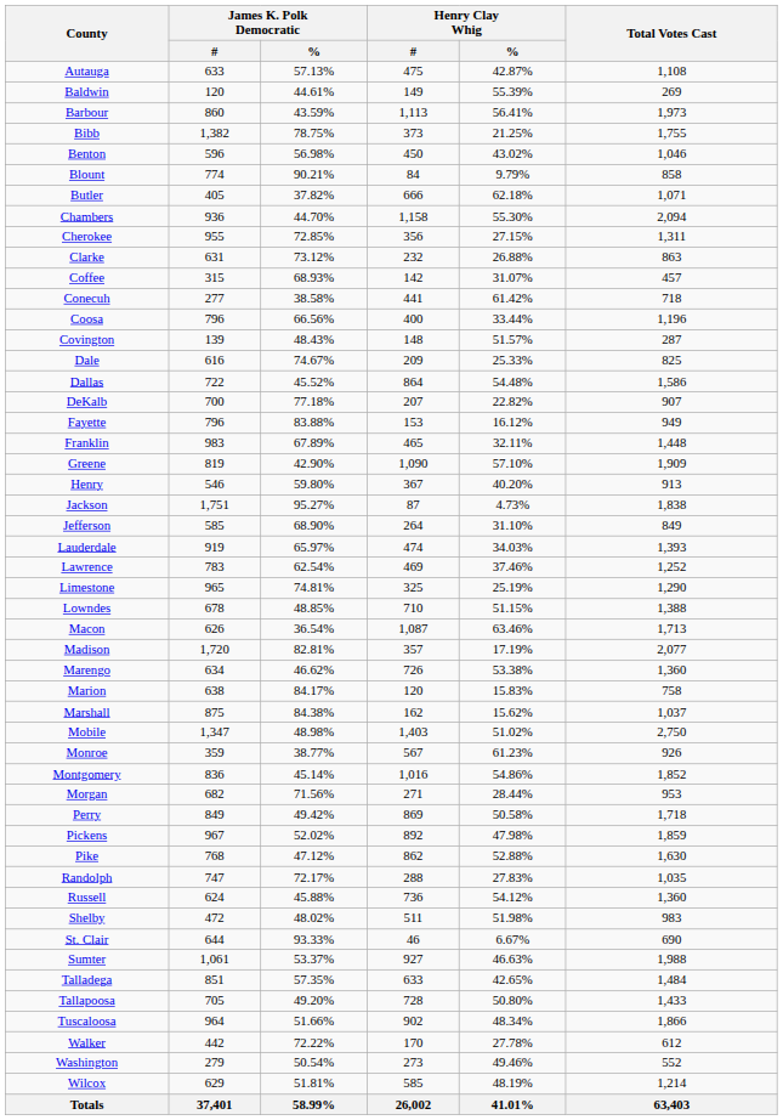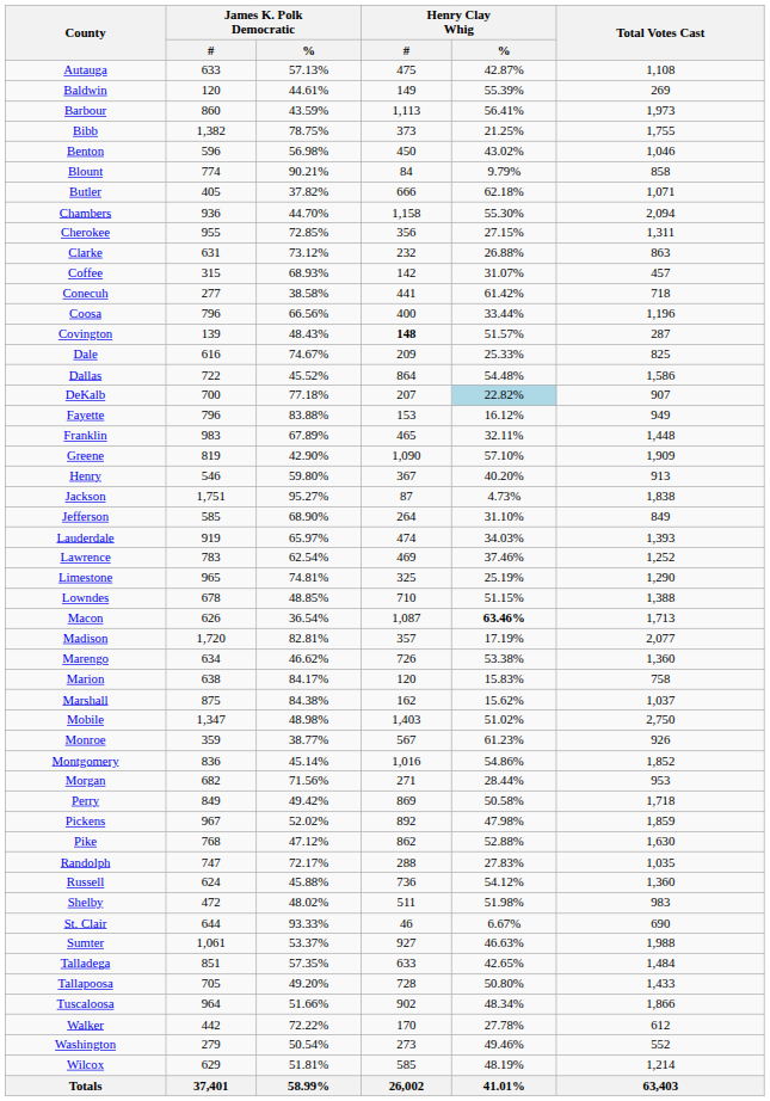 <table class="wikitable sortable" width="60%">
 <tr>
 <th rowspan="2">County</th>
 <th colspan="2">James K. Polk<br>Democratic</th>
 <th colspan="2">Henry Clay<br>Whig</th>
 <th rowspan="2">Total Votes Cast</th>
 </tr>
 <tr>
 <th data-sort-type="number" style="text-align:center;">#</th>
 <th data-sort-type="number" style="text-align:center;">%</th>
 <th data-sort-type="number" style="text-align:center;">#</th>
 <th data-sort-type="number" style="text-align:center;">%</th>
 </tr>
 <tr style="text-align:center;">
 <td><a href='#'>Autauga</a></td>
 <td>633</td>
 <td>57.13%</td>
 <td>475</td>
 <td>42.87%</td>
 <td>1,108</td>
 </tr>
 <tr style="text-align:center;">
 <td><a href='#'>Baldwin</a></td>
 <td>120</td>
 <td>44.61%</td>
 <td>149</td>
 <td>55.39%</td>
 <td>269</td>
 </tr>
 <tr style="text-align:center;">
 <td><a href='#'>Barbour</a></td>
 <td>860</td>
 <td>43.59%</td>
 <td>1,113</td>
 <td>56.41%</td>
 <td>1,973</td>
 </tr>
 <tr style="text-align:center;">
 <td><a href='#'>Bibb</a></td>
 <td>1,382</td>
 <td>78.75%</td>
 <td>373</td>
 <td>21.25%</td>
 <td>1,755</td>
 </tr>
 <tr style="text-align:center;">
 <td><a href='#'>Benton</a></td>
 <td>596</td>
 <td>56.98%</td>
 <td>450</td>
 <td>43.02%</td>
 <td>1,046</td>
 </tr>
 <tr style="text-align:center;">
 <td><a href='#'>Blount</a></td>
 <td>774</td>
 <td>90.21%</td>
 <td>84</td>
 <td>9.79%</td>
 <td>858</td>
 </tr>
 <tr style="text-align:center;">
 <td><a href='#'>Butler</a></td>
 <td>405</td>
 <td>37.82%</td>
 <td>666</td>
 <td>62.18%</td>
 <td>1,071</td>
 </tr>
 <tr style="text-align:center;">
 <td><a href='#'>Chambers</a></td>
 <td>936</td>
 <td>44.70%</td>
 <td>1,158</td>
 <td>55.30%</td>
 <td>2,094</td>
 </tr>
 <tr style="text-align:center;">
 <td><a href='#'>Cherokee</a></td>
 <td>955</td>
 <td>72.85%</td>
 <td>356</td>
 <td>27.15%</td>
 <td>1,311</td>
 </tr>
 <tr style="text-align:center;">
 <td><a href='#'>Clarke</a></td>
 <td>631</td>
 <td>73.12%</td>
 <td>232</td>
 <td>26.88%</td>
 <td>863</td>
 </tr>
 <tr style="text-align:center;">
 <td><a href='#'>Coffee</a></td>
 <td>315</td>
 <td>68.93%</td>
 <td>142</td>
 <td>31.07%</td>
 <td>457</td>
 </tr>
 <tr style="text-align:center;">
 <td><a href='#'>Conecuh</a></td>
 <td>277</td>
 <td>38.58%</td>
 <td>441</td>
 <td>61.42%</td>
 <td>718</td>
 </tr>
 <tr style="text-align:center;">
 <td><a href='#'>Coosa</a></td>
 <td>796</td>
 <td>66.56%</td>
 <td>400</td>
 <td>33.44%</td>
 <td>1,196</td>
 </tr>
 <tr style="text-align:center;">
 <td><a href='#'>Covington</a></td>
 <td>139</td>
 <td>48.43%</td>
-<td>148</td>
+<td><strong>148</strong></td>
 <td>51.57%</td>
 <td>287</td>
 </tr>
 <tr style="text-align:center;">
 <td><a href='#'>Dale</a></td>
 <td>616</td>
 <td>74.67%</td>
 <td>209</td>
 <td>25.33%</td>
 <td>825</td>
 </tr>
 <tr style="text-align:center;">
 <td><a href='#'>Dallas</a></td>
 <td>722</td>
 <td>45.52%</td>
 <td>864</td>
 <td>54.48%</td>
 <td>1,586</td>
 </tr>
 <tr style="text-align:center;">
 <td><a href='#'>DeKalb</a></td>
 <td>700</td>
 <td>77.18%</td>
 <td>207</td>
-<td>22.82%</td>
+<td style="background: lightblue;">22.82%</td>
 <td>907</td>
 </tr>
 <tr style="text-align:center;">
 <td><a href='#'>Fayette</a></td>
 <td>796</td>
 <td>83.88%</td>
 <td>153</td>
 <td>16.12%</td>
 <td>949</td>
 </tr>
 <tr style="text-align:center;">
 <td><a href='#'>Franklin</a></td>
 <td>983</td>
 <td>67.89%</td>
 <td>465</td>
 <td>32.11%</td>
 <td>1,448</td>
 </tr>
 <tr style="text-align:center;">
 <td><a href='#'>Greene</a></td>
 <td>819</td>
 <td>42.90%</td>
 <td>1,090</td>
 <td>57.10%</td>
 <td>1,909</td>
 </tr>
 <tr style="text-align:center;">
 <td><a href='#'>Henry</a></td>
 <td>546</td>
 <td>59.80%</td>
 <td>367</td>
 <td>40.20%</td>
 <td>913</td>
 </tr>
 <tr style="text-align:center;">
 <td><a href='#'>Jackson</a></td>
 <td>1,751</td>
 <td>95.27%</td>
 <td>87</td>
 <td>4.73%</td>
 <td>1,838</td>
 </tr>
 <tr style="text-align:center;">
 <td><a href='#'>Jefferson</a></td>
 <td>585</td>
 <td>68.90%</td>
 <td>264</td>
 <td>31.10%</td>
 <td>849</td>
 </tr>
 <tr style="text-align:center;">
 <td><a href='#'>Lauderdale</a></td>
 <td>919</td>
 <td>65.97%</td>
 <td>474</td>
 <td>34.03%</td>
 <td>1,393</td>
 </tr>
 <tr style="text-align:center;">
 <td><a href='#'>Lawrence</a></td>
 <td>783</td>
 <td>62.54%</td>
 <td>469</td>
 <td>37.46%</td>
 <td>1,252</td>
 </tr>
 <tr style="text-align:center;">
 <td><a href='#'>Limestone</a></td>
 <td>965</td>
 <td>74.81%</td>
 <td>325</td>
 <td>25.19%</td>
 <td>1,290</td>
 </tr>
 <tr style="text-align:center;">
 <td><a href='#'>Lowndes</a></td>
 <td>678</td>
 <td>48.85%</td>
 <td>710</td>
 <td>51.15%</td>
 <td>1,388</td>
 </tr>
 <tr style="text-align:center;">
 <td><a href='#'>Macon</a></td>
 <td>626</td>
 <td>36.54%</td>
 <td>1,087</td>
-<td>63.46%</td>
+<td><strong>63.46%</strong></td>
 <td>1,713</td>
 </tr>
 <tr style="text-align:center;">
 <td><a href='#'>Madison</a></td>
 <td>1,720</td>
 <td>82.81%</td>
 <td>357</td>
 <td>17.19%</td>
 <td>2,077</td>
 </tr>
 <tr style="text-align:center;">
 <td><a href='#'>Marengo</a></td>
 <td>634</td>
 <td>46.62%</td>
 <td>726</td>
 <td>53.38%</td>
 <td>1,360</td>
 </tr>
 <tr style="text-align:center;">
 <td><a href='#'>Marion</a></td>
 <td>638</td>
 <td>84.17%</td>
 <td>120</td>
 <td>15.83%</td>
 <td>758</td>
 </tr>
 <tr style="text-align:center;">
 <td><a href='#'>Marshall</a></td>
 <td>875</td>
 <td>84.38%</td>
 <td>162</td>
 <td>15.62%</td>
 <td>1,037</td>
 </tr>
 <tr style="text-align:center;">
 <td><a href='#'>Mobile</a></td>
 <td>1,347</td>
 <td>48.98%</td>
 <td>1,403</td>
 <td>51.02%</td>
 <td>2,750</td>
 </tr>
 <tr style="text-align:center;">
 <td><a href='#'>Monroe</a></td>
 <td>359</td>
 <td>38.77%</td>
 <td>567</td>
 <td>61.23%</td>
 <td>926</td>
 </tr>
 <tr style="text-align:center;">
 <td><a href='#'>Montgomery</a></td>
 <td>836</td>
 <td>45.14%</td>
 <td>1,016</td>
 <td>54.86%</td>
 <td>1,852</td>
 </tr>
 <tr style="text-align:center;">
 <td><a href='#'>Morgan</a></td>
 <td>682</td>
 <td>71.56%</td>
 <td>271</td>
 <td>28.44%</td>
 <td>953</td>
 </tr>
 <tr style="text-align:center;">
 <td><a href='#'>Perry</a></td>
 <td>849</td>
 <td>49.42%</td>
 <td>869</td>
 <td>50.58%</td>
 <td>1,718</td>
 </tr>
 <tr style="text-align:center;">
 <td><a href='#'>Pickens</a></td>
 <td>967</td>
 <td>52.02%</td>
 <td>892</td>
 <td>47.98%</td>
 <td>1,859</td>
 </tr>
 <tr style="text-align:center;">
 <td><a href='#'>Pike</a></td>
 <td>768</td>
 <td>47.12%</td>
 <td>862</td>
 <td>52.88%</td>
 <td>1,630</td>
 </tr>
 <tr style="text-align:center;">
 <td><a href='#'>Randolph</a></td>
 <td>747</td>
 <td>72.17%</td>
 <td>288</td>
 <td>27.83%</td>
 <td>1,035</td>
 </tr>
 <tr style="text-align:center;">
 <td><a href='#'>Russell</a></td>
 <td>624</td>
 <td>45.88%</td>
 <td>736</td>
 <td>54.12%</td>
 <td>1,360</td>
 </tr>
 <tr style="text-align:center;">
 <td><a href='#'>Shelby</a></td>
 <td>472</td>
 <td>48.02%</td>
 <td>511</td>
 <td>51.98%</td>
 <td>983</td>
 </tr>
 <tr style="text-align:center;">
 <td><a href='#'>St. Clair</a></td>
 <td>644</td>
 <td>93.33%</td>
 <td>46</td>
 <td>6.67%</td>
 <td>690</td>
 </tr>
 <tr style="text-align:center;">
 <td><a href='#'>Sumter</a></td>
 <td>1,061</td>
 <td>53.37%</td>
 <td>927</td>
 <td>46.63%</td>
 <td>1,988</td>
 </tr>
 <tr style="text-align:center;">
 <td><a href='#'>Talladega</a></td>
 <td>851</td>
 <td>57.35%</td>
 <td>633</td>
 <td>42.65%</td>
 <td>1,484</td>
 </tr>
 <tr style="text-align:center;">
 <td><a href='#'>Tallapoosa</a></td>
 <td>705</td>
 <td>49.20%</td>
 <td>728</td>
 <td>50.80%</td>
 <td>1,433</td>
 </tr>
 <tr style="text-align:center;">
 <td><a href='#'>Tuscaloosa</a></td>
 <td>964</td>
 <td>51.66%</td>
 <td>902</td>
 <td>48.34%</td>
 <td>1,866</td>
 </tr>
 <tr style="text-align:center;">
 <td><a href='#'>Walker</a></td>
 <td>442</td>
 <td>72.22%</td>
 <td>170</td>
 <td>27.78%</td>
 <td>612</td>
 </tr>
 <tr style="text-align:center;">
 <td><a href='#'>Washington</a></td>
 <td>279</td>
 <td>50.54%</td>
 <td>273</td>
 <td>49.46%</td>
 <td>552</td>
 </tr>
 <tr style="text-align:center;">
 <td><a href='#'>Wilcox</a></td>
 <td>629</td>
 <td>51.81%</td>
 <td>585</td>
 <td>48.19%</td>
 <td>1,214</td>
 </tr>
 <tr>
 <th>Totals</th>
 <th>37,401</th>
 <th>58.99%</th>
 <th>26,002</th>
 <th>41.01%</th>
 <th>63,403</th>
 </tr>
 </table>
